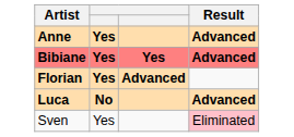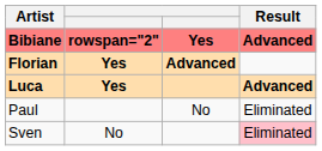 <table class="wikitable sortable plainrowheaders" style="margin: 1em auto 1em; font-size:90%; text-align:center;">
 <tr>
 <th rowspan="2">Artist</th>
 <th colspan="2"></th>
 <th rowspan="2">Result</th>
 </tr>
 <tr>
 <th></th>
 <th></th>
 </tr>
-<tr style="font-weight:bold; background:navajowhite;">
-<td align="left">Anne</td>
-<td>Yes</td>
-<td></td>
-<td>Advanced</td>
-</tr>
 <tr style="font-weight:bold; background:#fe8080;">
 <td align="left">Bibiane</td>
-<td>Yes</td>
+<td>rowspan="2" </td>
 <td>Yes</td>
 <td>Advanced</td>
 </tr>
 <tr style="font-weight:bold; background:navajowhite;">
 <td align="left">Florian</td>
 <td>Yes</td>
 <td>Advanced</td>
 </tr>
 <tr style="font-weight:bold; background:navajowhite;">
 <td align="left">Luca</td>
-<td>No</td>
+<td>Yes</td>
 <td></td>
 <td>Advanced</td>
 </tr>
 <tr>
+<td align="left">Paul</td>
+<td></td>
+<td>No</td>
+<td>Eliminated</td>
+</tr>
+<tr>
 <td align="left">Sven</td>
-<td>Yes</td>
+<td>No</td>
 <td></td>
 <td style="background: pink;">Eliminated</td>
 </tr>
 </table>
